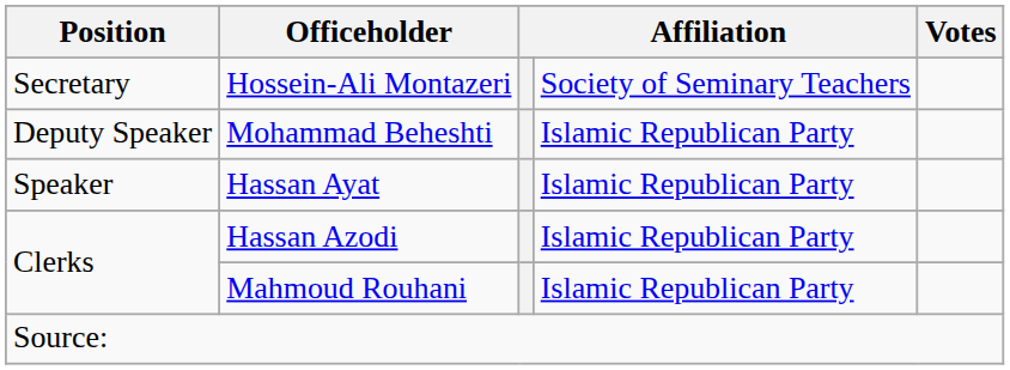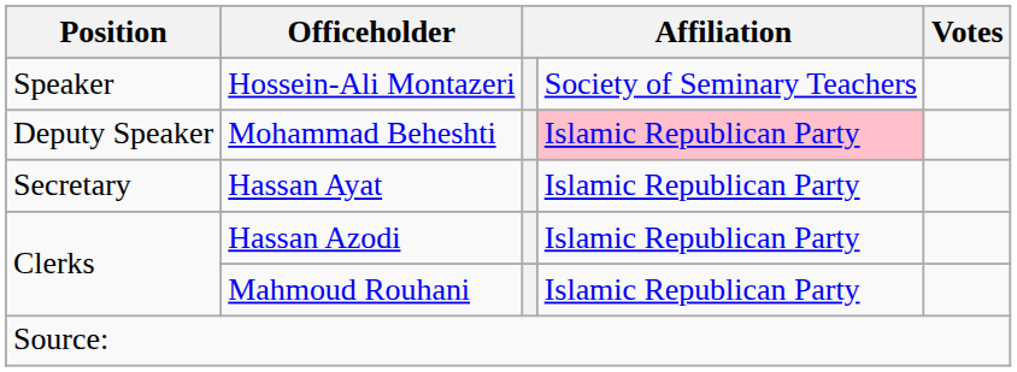 <table class=wikitable style="font-size: 90%;">
 <tr>
 <th>Position</th>
 <th>Officeholder</th>
 <th colspan="2">Affiliation</th>
 <th>Votes</th>
 </tr>
 <tr>
-<td>Secretary</td>
+<td>Speaker</td>
 <td><a href='#'>Hossein-Ali Montazeri</a></td>
 <th style="background-color: "></th>
 <td><a href='#'>Society of Seminary Teachers</a></td>
 <td></td>
 </tr>
 <tr>
 <td>Deputy Speaker</td>
 <td><a href='#'>Mohammad Beheshti</a></td>
 <th style="background-color: "></th>
-<td><a href='#'>Islamic Republican Party</a></td>
+<td style="background: pink;"><a href='#'>Islamic Republican Party</a></td>
 <td></td>
 </tr>
 <tr>
-<td>Speaker</td>
+<td>Secretary</td>
 <td><a href='#'>Hassan Ayat</a></td>
 <th style="background-color: "></th>
 <td><a href='#'>Islamic Republican Party</a></td>
 <td></td>
 </tr>
 <tr>
 <td rowspan="2">Clerks</td>
 <td><a href='#'>Hassan Azodi</a></td>
 <th style="background-color: "></th>
 <td><a href='#'>Islamic Republican Party</a></td>
 <td></td>
 </tr>
 <tr>
 <td><a href='#'>Mahmoud Rouhani</a></td>
 <th style="background-color: "></th>
 <td><a href='#'>Islamic Republican Party</a></td>
 <td></td>
 </tr>
 <tr>
 <td colspan=5>Source: </td>
 </tr>
 </table>
